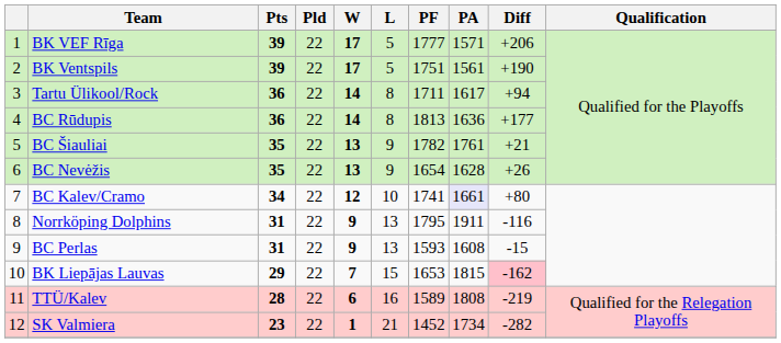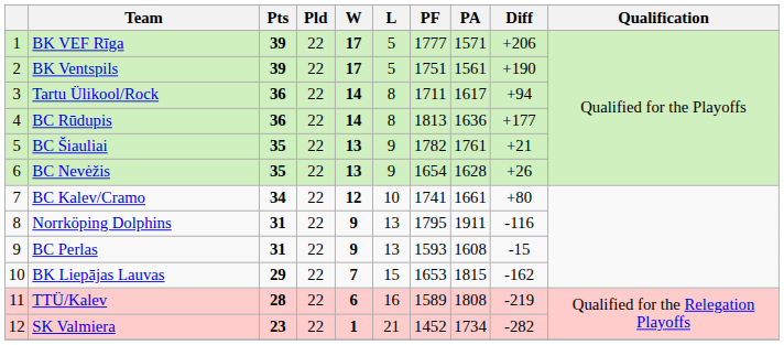 <table class="wikitable" style="text-align: center;">
 <tr>
 <th width=15></th>
 <th width=220>Team</th>
 <th width=30>Pts</th>
 <th width=30>Pld</th>
 <th width=30>W</th>
 <th width=30>L</th>
 <th width=30>PF</th>
 <th width=30>PA</th>
 <th width=50>Diff</th>
 <th width=220>Qualification</th>
 </tr>
 <tr bgcolor=D0F0C0>
 <td>1</td>
 <td align="left"> <a href='#'>BK VEF Rīga</a></td>
 <td><strong>39</strong></td>
 <td>22</td>
 <td><strong>17</strong></td>
 <td>5</td>
 <td>1777</td>
 <td>1571</td>
 <td>+206</td>
 <td rowspan=6 align="center">Qualified for the Playoffs</td>
 </tr>
 <tr bgcolor=D0F0C0>
 <td>2</td>
 <td align="left"> <a href='#'>BK Ventspils</a></td>
 <td><strong>39</strong></td>
 <td>22</td>
 <td><strong>17</strong></td>
 <td>5</td>
 <td>1751</td>
 <td>1561</td>
 <td>+190</td>
 </tr>
 <tr bgcolor=D0F0C0>
 <td>3</td>
 <td align="left"> <a href='#'>Tartu Ülikool/Rock</a></td>
 <td><strong>36</strong></td>
 <td>22</td>
 <td><strong>14</strong></td>
 <td>8</td>
 <td>1711</td>
 <td>1617</td>
 <td>+94</td>
 </tr>
 <tr bgcolor=D0F0C0>
 <td>4</td>
 <td align="left"> <a href='#'>BC Rūdupis</a></td>
 <td><strong>36</strong></td>
 <td>22</td>
 <td><strong>14</strong></td>
 <td>8</td>
 <td>1813</td>
 <td>1636</td>
 <td>+177</td>
 </tr>
 <tr bgcolor=D0F0C0>
 <td>5</td>
 <td align="left"> <a href='#'>BC Šiauliai</a></td>
 <td><strong>35</strong></td>
 <td>22</td>
 <td><strong>13</strong></td>
 <td>9</td>
 <td>1782</td>
 <td>1761</td>
 <td>+21</td>
 </tr>
 <tr bgcolor=D0F0C0>
 <td>6</td>
 <td align="left"> <a href='#'>BC Nevėžis</a></td>
 <td><strong>35</strong></td>
 <td>22</td>
 <td><strong>13</strong></td>
 <td>9</td>
 <td>1654</td>
 <td>1628</td>
 <td>+26</td>
 </tr>
 <tr>
 <td>7</td>
 <td align="left"> <a href='#'>BC Kalev/Cramo</a></td>
 <td><strong>34</strong></td>
 <td>22</td>
 <td><strong>12</strong></td>
 <td>10</td>
 <td>1741</td>
-<td style="background: lavender;">1661</td>
+<td>1661</td>
 <td>+80</td>
 </tr>
 <tr>
 <td>8</td>
 <td align="left"> <a href='#'>Norrköping Dolphins</a></td>
 <td><strong>31</strong></td>
 <td>22</td>
 <td><strong>9</strong></td>
 <td>13</td>
 <td>1795</td>
 <td>1911</td>
 <td>-116</td>
 </tr>
 <tr>
 <td>9</td>
 <td align="left"> <a href='#'>BC Perlas</a></td>
 <td><strong>31</strong></td>
 <td>22</td>
 <td><strong>9</strong></td>
 <td>13</td>
 <td>1593</td>
 <td>1608</td>
 <td>-15</td>
 </tr>
 <tr>
 <td>10</td>
 <td align="left"> <a href='#'>BK Liepājas Lauvas</a></td>
 <td><strong>29</strong></td>
 <td>22</td>
 <td><strong>7</strong></td>
 <td>15</td>
 <td>1653</td>
 <td>1815</td>
-<td style="background: pink;">-162</td>
+<td>-162</td>
 </tr>
 <tr bgcolor= #FFCCCC>
 <td>11</td>
 <td align="left"> <a href='#'>TTÜ/Kalev</a></td>
 <td><strong>28</strong></td>
 <td>22</td>
 <td><strong>6</strong></td>
 <td>16</td>
 <td>1589</td>
 <td>1808</td>
 <td>-219</td>
 <td rowspan=2 align="center">Qualified for the <a href='#'>Relegation Playoffs</a></td>
 </tr>
 <tr bgcolor= #FFCCCC>
 <td>12</td>
 <td align="left"> <a href='#'>SK Valmiera</a></td>
 <td><strong>23</strong></td>
 <td>22</td>
 <td><strong>1</strong></td>
 <td>21</td>
 <td>1452</td>
 <td>1734</td>
 <td>-282</td>
 </tr>
 <tr>
 </tr>
 </table>
